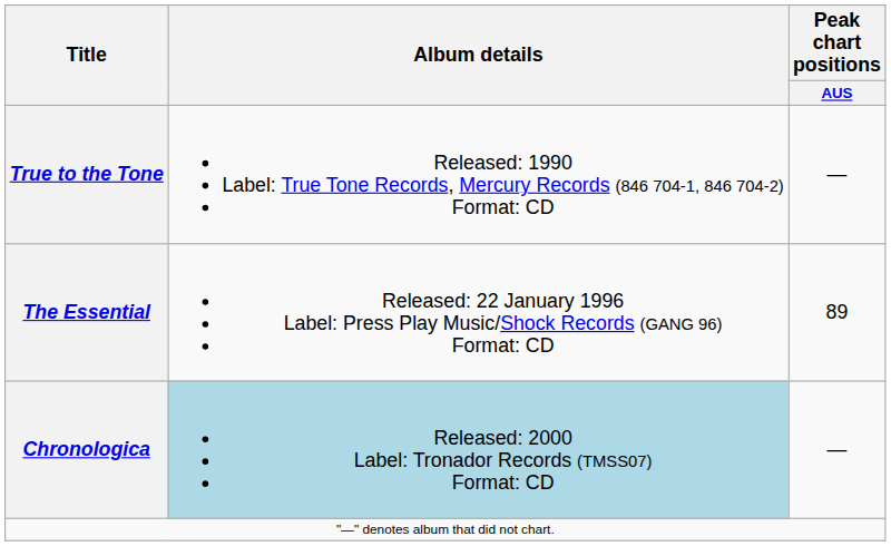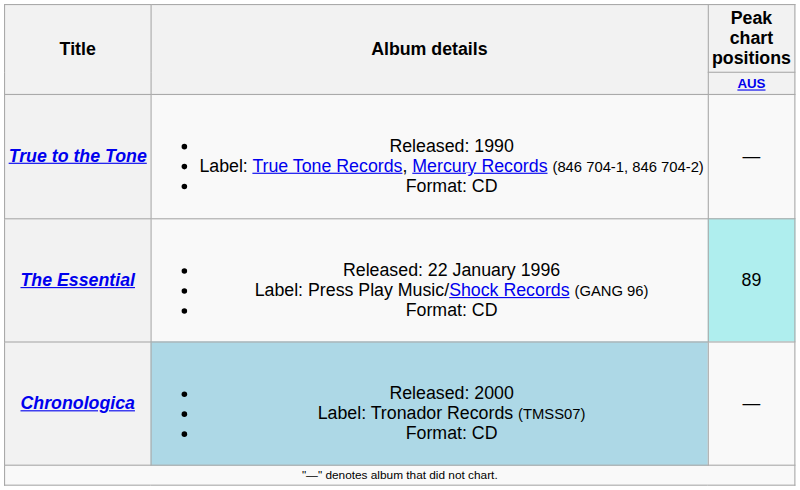 <table class="wikitable plainrowheaders" style="text-align:center;" border="1">
 <tr>
 <th rowspan="2">Title</th>
 <th rowspan="2">Album details</th>
 <th colspan="1">Peak chart positions</th>
 </tr>
 <tr>
 <th style="width:3em;font-size:75%"><a href='#'>AUS</a><br></th>
 </tr>
 <tr>
 <th scope="row"><em><a href='#'>True to the Tone</a></em></th>
 <td><br><ul><li>Released: 1990</li><li>Label: <a href='#'>True Tone Records</a>, <a href='#'>Mercury Records</a> <small>(846 704-1, 846 704-2)</small></li><li>Format: CD</li></ul></td>
 <td>—</td>
 </tr>
 <tr>
 <th scope="row"><em><a href='#'>The Essential</a></em></th>
 <td><br><ul><li>Released: 22 January 1996</li><li>Label: Press Play Music/<a href='#'>Shock Records</a> <small>(GANG 96)</small></li><li>Format: CD</li></ul></td>
-<td>89</td>
+<td style="background: paleturquoise;">89</td>
 </tr>
 <tr>
 <th scope="row"><em><a href='#'>Chronologica</a></em></th>
 <td style="background: lightblue;"><br><ul><li>Released: 2000</li><li>Label: Tronador Records <small>(TMSS07)</small></li><li>Format: CD</li></ul></td>
 <td>—</td>
 </tr>
 <tr>
 <td colspan="4" style="font-size: 8pt">"—" denotes album that did not chart.</td>
 </tr>
 </table>
